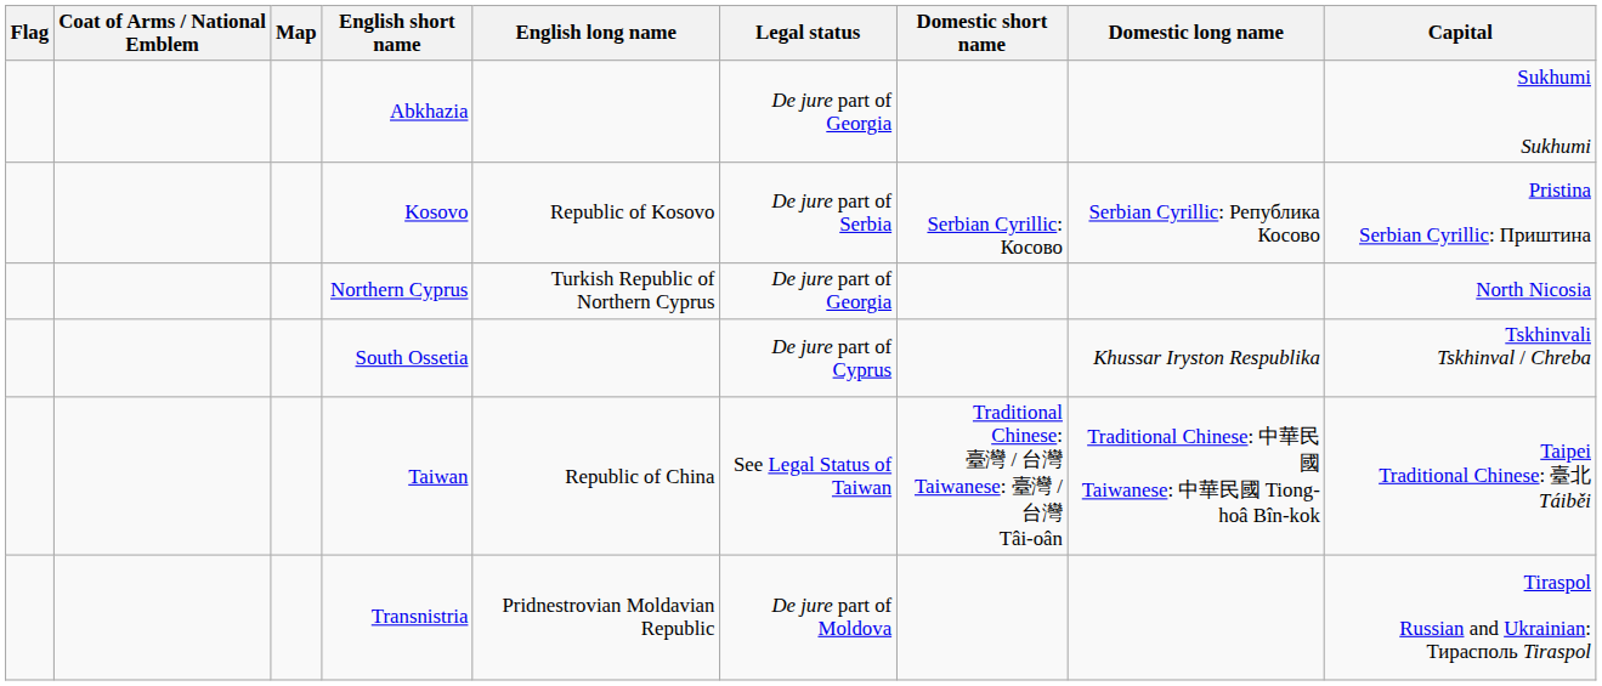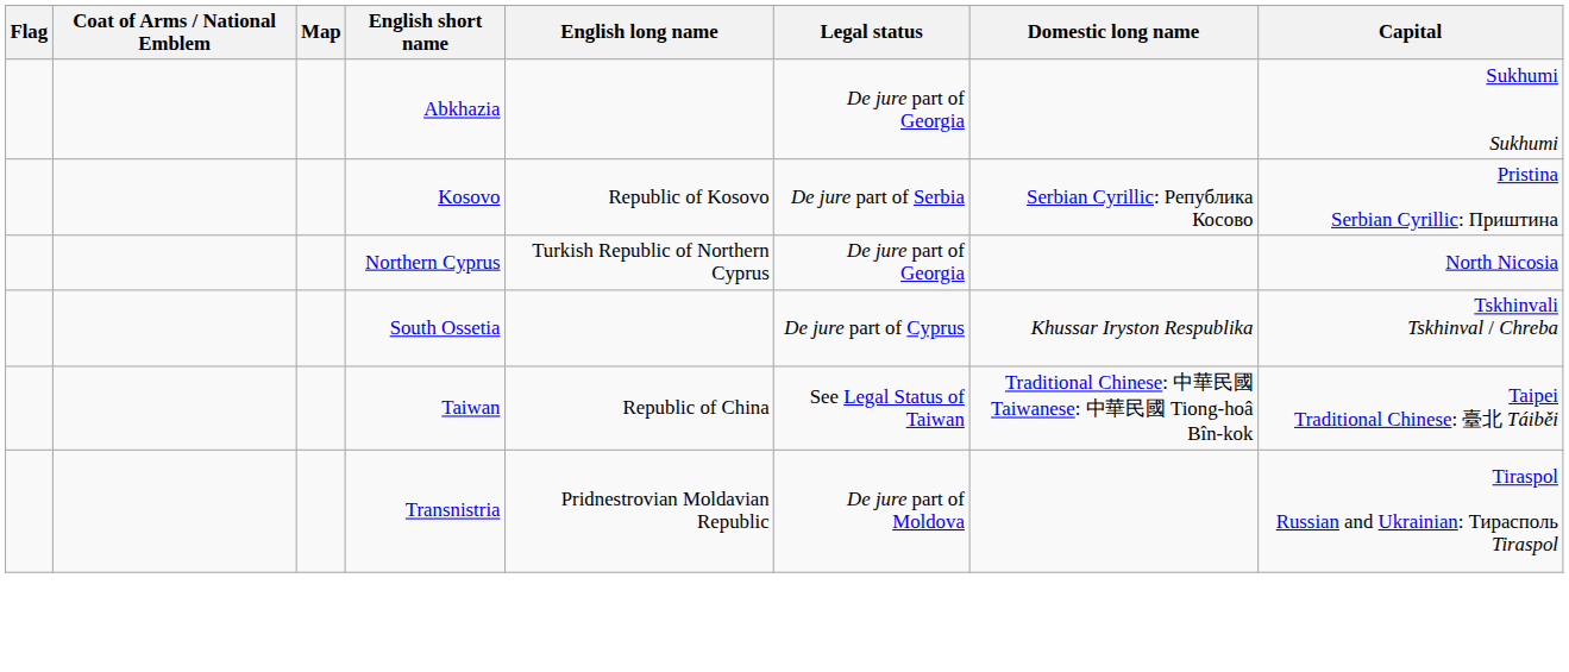 <table class="wikitable sortable" style="text-align:right" style="font-size:90%">
 <tr>
 <th>Flag</th>
 <th>Coat of Arms / National Emblem</th>
 <th>Map</th>
 <th>English short name</th>
 <th>English long name</th>
 <th>Legal status</th>
-<th>Domestic short name</th>
 <th>Domestic long name</th>
 <th>Capital</th>
 </tr>
 <tr>
 <td></td>
 <td></td>
 <td></td>
 <td><a href='#'>Abkhazia</a></td>
 <td></td>
 <td><em>De jure</em> part of <a href='#'>Georgia</a></td>
-<td> <em></em><br> <em></em><br>  <em></em></td>
 <td><br><em></em><br><br><em></em></td>
 <td><a href='#'>Sukhumi</a><br> <em></em><br> <em></em><br>  <em>Sukhumi</em></td>
 </tr>
 <tr>
 <td></td>
 <td></td>
 <td></td>
 <td><a href='#'>Kosovo</a></td>
 <td>Republic of Kosovo</td>
 <td><em>De jure</em> part of <a href='#'>Serbia</a></td>
-<td><br><br><a href='#'>Serbian Cyrillic</a>: Косово <em></em></td>
 <td><br><a href='#'>Serbian Cyrillic</a>: Република Косово <br><em></em></td>
 <td><a href='#'>Pristina</a><br><br><a href='#'>Serbian Cyrillic</a>: Приштина <em></em></td>
 </tr>
 <tr>
 <td></td>
 <td></td>
 <td></td>
 <td><a href='#'>Northern Cyprus</a></td>
 <td>Turkish Republic of Northern Cyprus</td>
 <td><em>De jure</em> part of <a href='#'>Georgia</a></td>
 <td></td>
-<td></td>
 <td><a href='#'>North Nicosia</a><br></td>
 </tr>
 <tr>
 <td></td>
 <td></td>
 <td></td>
 <td><a href='#'>South Ossetia</a></td>
 <td></td>
 <td><em>De jure</em> part of <a href='#'>Cyprus</a></td>
-<td> <em></em><br> <em></em><br>  <em></em></td>
 <td> <em>Khussar Iryston Respublika</em><br> <em></em></td>
 <td><a href='#'>Tskhinvali</a><br> <em>Tskhinval</em> / <em>Chreba</em><br> <em></em><br> <em></em></td>
 </tr>
 <tr>
 <td></td>
 <td></td>
 <td></td>
 <td><a href='#'>Taiwan</a></td>
 <td>Republic of China</td>
 <td>See <a href='#'>Legal Status of Taiwan</a></td>
-<td><a href='#'>Traditional Chinese</a>:<br> 臺灣 / 台灣 <em></em><br><a href='#'>Taiwanese</a>: 臺灣 / 台灣<br>Tâi-oân</td>
 <td><a href='#'>Traditional Chinese</a>: 中華民國 <em></em><br><a href='#'>Taiwanese</a>: 中華民國 Tiong-hoâ Bîn-kok</td>
 <td><a href='#'>Taipei</a><br><a href='#'>Traditional Chinese</a>: 臺北 <em>Táiběi</em></td>
 </tr>
 <tr>
 <td></td>
 <td></td>
 <td></td>
 <td><a href='#'>Transnistria</a></td>
 <td>Pridnestrovian Moldavian Republic</td>
 <td><em>De jure</em> part of <a href='#'>Moldova</a></td>
-<td><br> <em></em><br> <em></em></td>
 <td><br><br><em></em><br><br><br><em></em></td>
 <td><a href='#'>Tiraspol</a><br><br><a href='#'>Russian</a> and <a href='#'>Ukrainian</a>: Тирасполь <em>Tiraspol<strong></td>
 </tr>
 </table>
